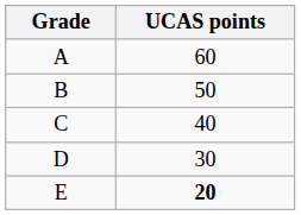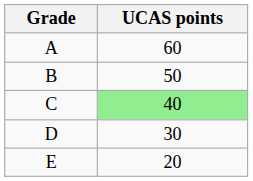 <table class="wikitable" border="1" style="text-align:center; margin-left:1em;">
 <tr>
 <th width="75">Grade</th>
 <th width="125">UCAS points</th>
 </tr>
 <tr>
 <td align="center">A</td>
 <td>60</td>
 </tr>
 <tr>
 <td align="center">B</td>
 <td>50</td>
 </tr>
 <tr>
 <td align="center">C</td>
-<td>40</td>
+<td style="background: lightgreen;">40</td>
 </tr>
 <tr>
 <td align="center">D</td>
 <td>30</td>
 </tr>
 <tr>
 <td align="center">E</td>
-<td><strong>20</strong></td>
+<td>20</td>
 </tr>
 </table>
